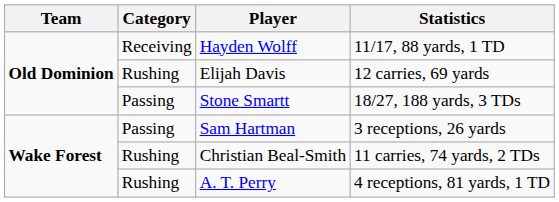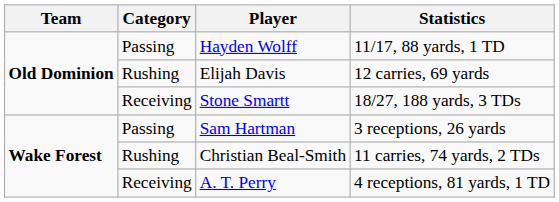 <table class="wikitable" style="float: left;">
 <tr>
 <th>Team</th>
 <th>Category</th>
 <th>Player</th>
 <th>Statistics</th>
 </tr>
 <tr>
 <td rowspan=3><strong>Old Dominion</strong></td>
-<td>Receiving</td>
+<td>Passing</td>
 <td><a href='#'>Hayden Wolff</a></td>
 <td>11/17, 88 yards, 1 TD</td>
 </tr>
 <tr>
 <td>Rushing</td>
 <td>Elijah Davis</td>
 <td>12 carries, 69 yards</td>
 </tr>
 <tr>
-<td>Passing</td>
+<td>Receiving</td>
 <td><a href='#'>Stone Smartt</a></td>
 <td>18/27, 188 yards, 3 TDs</td>
 </tr>
 <tr>
 <td rowspan=3><strong>Wake Forest</strong></td>
 <td>Passing</td>
 <td><a href='#'>Sam Hartman</a></td>
 <td>3 receptions, 26 yards</td>
 </tr>
 <tr>
 <td>Rushing</td>
 <td>Christian Beal-Smith</td>
 <td>11 carries, 74 yards, 2 TDs</td>
 </tr>
 <tr>
-<td>Rushing</td>
+<td>Receiving</td>
 <td><a href='#'>A. T. Perry</a></td>
 <td>4 receptions, 81 yards, 1 TD</td>
 </tr>
 </table>
